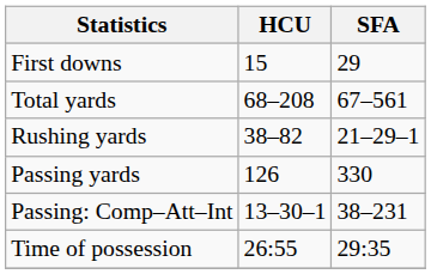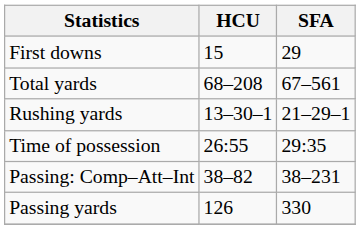 <table class="wikitable" style="float: left;">
 <tr>
 <th>Statistics</th>
 <th>HCU</th>
 <th>SFA</th>
 </tr>
 <tr>
 <td>First downs</td>
 <td>15</td>
 <td>29</td>
 </tr>
 <tr>
 <td>Total yards</td>
 <td>68–208</td>
 <td>67–561</td>
 </tr>
 <tr>
 <td>Rushing yards</td>
+<td>13–30–1</td>
+<td>21–29–1</td>
+</tr>
+<tr>
+<td>Time of possession</td>
+<td>26:55</td>
+<td>29:35</td>
+</tr>
+<tr>
+<td>Passing: Comp–Att–Int</td>
 <td>38–82</td>
-<td>21–29–1</td>
+<td>38–231</td>
 </tr>
 <tr>
 <td>Passing yards</td>
 <td>126</td>
 <td>330</td>
 </tr>
 <tr>
-<td>Passing: Comp–Att–Int</td>
-<td>13–30–1</td>
-<td>38–231</td>
-</tr>
-<tr>
-<td>Time of possession</td>
-<td>26:55</td>
-<td>29:35</td>
-</tr>
-<tr>
 </tr>
 </table>
